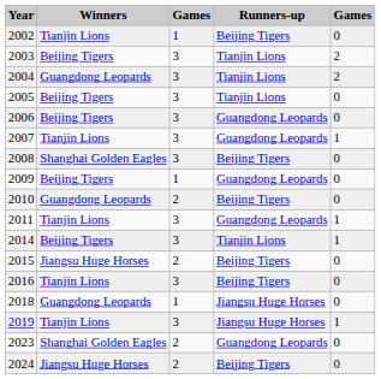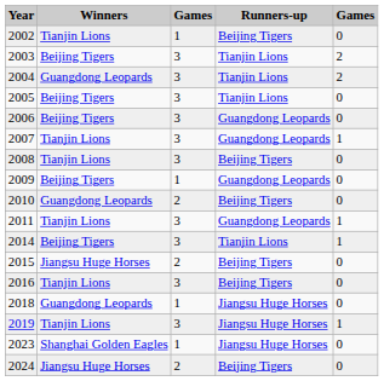 <table class="wikitable" style="bgcolor:black">
 <tr bgcolor="#CCCCCC">
 <td align="center"><strong>Year</strong></td>
 <td align="center"><strong>Winners</strong></td>
 <td align="center"><strong>Games</strong></td>
 <td align="center"><strong>Runners-up</strong></td>
 <td align="center"><strong>Games</strong></td>
 </tr>
 <tr bgcolor="#EFEFEF">
 <td>2002</td>
 <td><a href='#'>Tianjin Lions</a></td>
 <td>1</td>
 <td><a href='#'>Beijing Tigers</a></td>
 <td>0</td>
 </tr>
 <tr>
 <td>2003</td>
 <td><a href='#'>Beijing Tigers</a></td>
 <td>3</td>
 <td><a href='#'>Tianjin Lions</a></td>
 <td>2</td>
 </tr>
 <tr bgcolor="#EFEFEF">
 <td>2004</td>
 <td><a href='#'>Guangdong Leopards</a></td>
 <td>3</td>
 <td><a href='#'>Tianjin Lions</a></td>
 <td>2</td>
 </tr>
 <tr>
 <td>2005</td>
 <td><a href='#'>Beijing Tigers</a></td>
 <td>3</td>
 <td><a href='#'>Tianjin Lions</a></td>
 <td>0</td>
 </tr>
 <tr bgcolor="#EFEFEF">
 <td>2006</td>
 <td><a href='#'>Beijing Tigers</a></td>
 <td>3</td>
 <td><a href='#'>Guangdong Leopards</a></td>
 <td>0</td>
 </tr>
 <tr>
 <td>2007</td>
 <td><a href='#'>Tianjin Lions</a></td>
 <td>3</td>
 <td><a href='#'>Guangdong Leopards</a></td>
 <td>1</td>
 </tr>
 <tr bgcolor="#EFEFEF">
 <td>2008</td>
-<td><a href='#'>Shanghai Golden Eagles</a></td>
+<td><a href='#'>Tianjin Lions</a></td>
 <td>3</td>
 <td><a href='#'>Beijing Tigers</a></td>
 <td>0</td>
 </tr>
 <tr>
 <td>2009</td>
 <td><a href='#'>Beijing Tigers</a></td>
 <td>1</td>
 <td><a href='#'>Guangdong Leopards</a></td>
 <td>0</td>
 </tr>
 <tr bgcolor="#EFEFEF">
 <td>2010</td>
 <td><a href='#'>Guangdong Leopards</a></td>
 <td>2</td>
 <td><a href='#'>Beijing Tigers</a></td>
 <td>0</td>
 </tr>
 <tr>
 <td>2011</td>
 <td><a href='#'>Tianjin Lions</a></td>
 <td>3</td>
 <td><a href='#'>Guangdong Leopards</a></td>
 <td>1</td>
 </tr>
 <tr bgcolor="#EFEFEF">
 <td>2014</td>
 <td><a href='#'>Beijing Tigers</a></td>
 <td>3</td>
 <td><a href='#'>Tianjin Lions</a></td>
 <td>1</td>
 </tr>
 <tr>
 <td>2015</td>
 <td><a href='#'>Jiangsu Huge Horses</a></td>
 <td>2</td>
 <td><a href='#'>Beijing Tigers</a></td>
 <td>0</td>
 </tr>
 <tr bgcolor="#EFEFEF">
 <td>2016</td>
 <td><a href='#'>Tianjin Lions</a></td>
 <td>3</td>
 <td><a href='#'>Beijing Tigers</a></td>
 <td>0</td>
 </tr>
 <tr>
 <td>2018</td>
 <td><a href='#'>Guangdong Leopards</a></td>
 <td>1</td>
 <td><a href='#'>Jiangsu Huge Horses</a></td>
 <td>0</td>
 </tr>
 <tr bgcolor="#EFEFEF">
 <td><a href='#'>2019</a></td>
 <td><a href='#'>Tianjin Lions</a></td>
 <td>3</td>
 <td><a href='#'>Jiangsu Huge Horses</a></td>
 <td>1</td>
 </tr>
 <tr>
 <td>2023</td>
 <td><a href='#'>Shanghai Golden Eagles</a></td>
-<td>2</td>
-<td><a href='#'>Guangdong Leopards</a></td>
+<td>1</td>
+<td><a href='#'>Jiangsu Huge Horses</a></td>
 <td>0</td>
 </tr>
 <tr bgcolor="#EFEFEF">
 <td>2024</td>
 <td><a href='#'>Jiangsu Huge Horses</a></td>
 <td>2</td>
 <td><a href='#'>Beijing Tigers</a></td>
 <td>0</td>
 </tr>
 </table>
